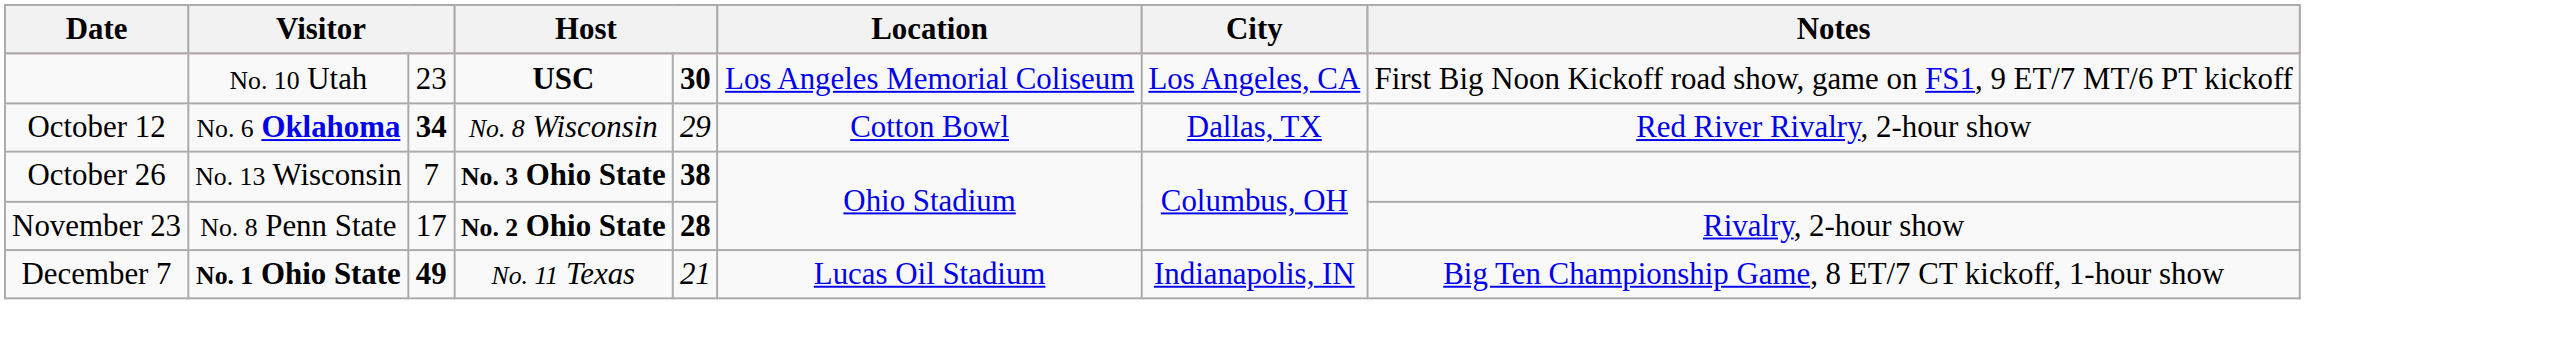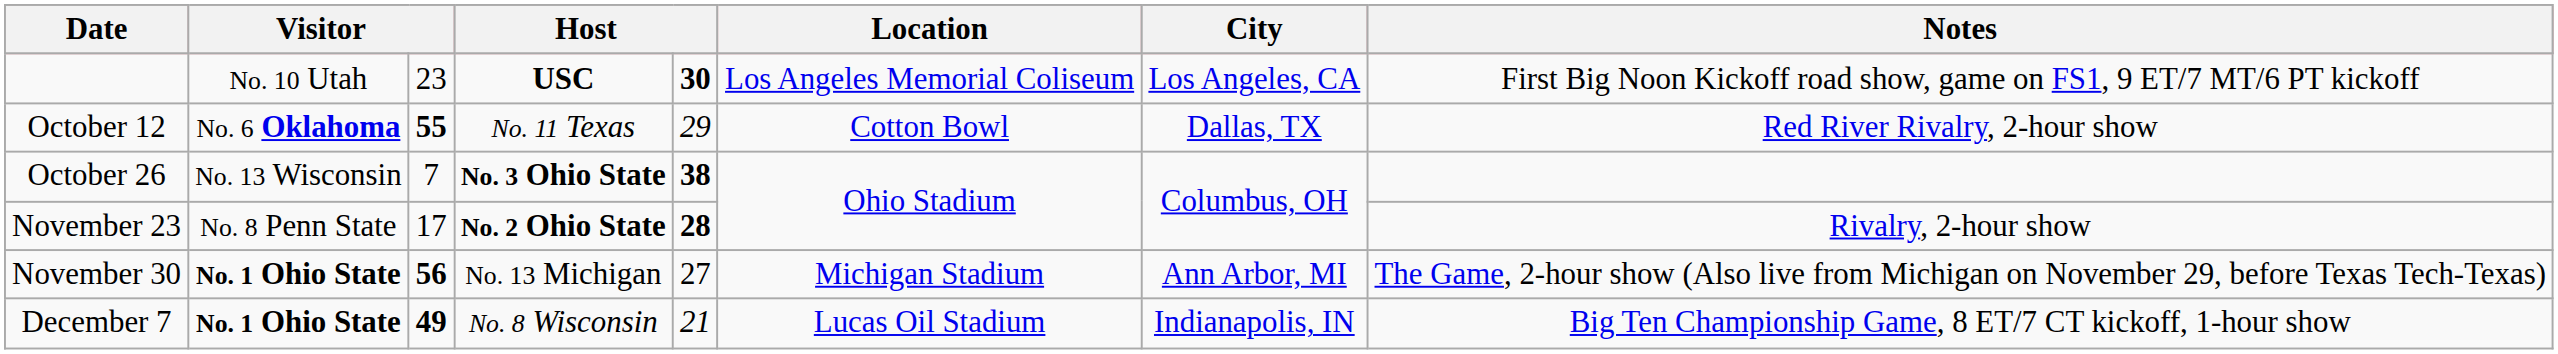 <table class="wikitable" style="text-align:center">
 <tr style="background:#A32638;"|>
 <th>Date</th>
 <th colspan=2>Visitor</th>
 <th colspan=2>Host</th>
 <th>Location</th>
 <th>City</th>
 <th>Notes</th>
 </tr>
 <tr>
 <td></td>
 <td><small>No. 10</small> Utah</td>
 <td>23</td>
 <td><strong>USC</strong></td>
 <td><strong>30</strong></td>
 <td><a href='#'>Los Angeles Memorial Coliseum</a></td>
 <td><a href='#'>Los Angeles, CA</a></td>
 <td>First Big Noon Kickoff road show, game on <a href='#'>FS1</a>, 9 ET/7 MT/6 PT kickoff</td>
 </tr>
 <tr>
 <td>October 12</td>
 <td><small>No. 6</small> <strong><a href='#'><span>Oklahoma</span></a></strong></td>
-<td><strong>34</strong></td>
-<td><em><small>No. 8</small> Wisconsin</em></td>
+<td><strong>55</strong></td>
+<td><em><small>No. 11</small> Texas</em></td>
 <td><em>29</em></td>
 <td><a href='#'>Cotton Bowl</a></td>
 <td><a href='#'>Dallas, TX</a></td>
 <td><a href='#'>Red River Rivalry</a>, 2-hour show</td>
 </tr>
 <tr>
 <td>October 26</td>
 <td><small>No. 13</small> Wisconsin</td>
 <td>7</td>
 <td><strong><small>No. 3</small> Ohio State</strong></td>
 <td><strong>38</strong></td>
 <td rowspan="2"><a href='#'>Ohio Stadium</a></td>
 <td rowspan="2"><a href='#'>Columbus, OH</a></td>
 <td></td>
 </tr>
 <tr>
 <td>November 23</td>
 <td><small>No. 8</small> Penn State</td>
 <td>17</td>
 <td><strong><small>No. 2</small> Ohio State</strong></td>
 <td><strong>28</strong></td>
 <td><a href='#'>Rivalry</a>, 2-hour show</td>
 </tr>
 <tr>
+<td>November 30</td>
+<td><strong><small>No. 1</small> Ohio State</strong></td>
+<td><strong>56</strong></td>
+<td><small>No. 13</small> Michigan</td>
+<td>27</td>
+<td><a href='#'>Michigan Stadium</a></td>
+<td><a href='#'>Ann Arbor, MI</a></td>
+<td><a href='#'>The Game</a>, 2-hour show (Also live from Michigan on November 29, before Texas Tech-Texas)</td>
+</tr>
+<tr>
 <td>December 7</td>
 <td><strong><small>No. 1</small> Ohio State</strong></td>
 <td><strong>49</strong></td>
-<td><em><small>No. 11</small> Texas</em></td>
+<td><em><small>No. 8</small> Wisconsin</em></td>
 <td><em>21</em></td>
 <td><a href='#'>Lucas Oil Stadium</a></td>
 <td><a href='#'>Indianapolis, IN</a></td>
 <td><a href='#'>Big Ten Championship Game</a>, 8 ET/7 CT kickoff, 1-hour show</td>
 </tr>
 </table>
